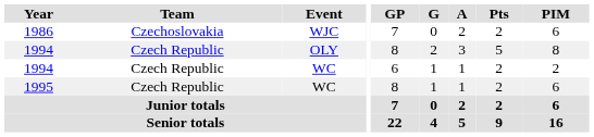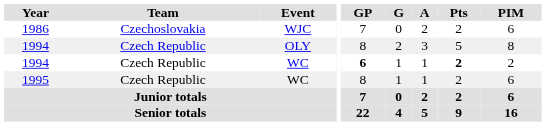 <table border="0" cellpadding="1" cellspacing="0" ID="Table3" style="text-align:center; width:40em">
 <tr bgcolor="#e0e0e0">
 <th>Year</th>
 <th>Team</th>
 <th>Event</th>
 <th rowspan="102" bgcolor="#ffffff"></th>
 <th>GP</th>
 <th>G</th>
 <th>A</th>
 <th>Pts</th>
 <th>PIM</th>
 </tr>
 <tr>
 <td><a href='#'>1986</a></td>
 <td><a href='#'>Czechoslovakia</a></td>
 <td><a href='#'>WJC</a></td>
 <td>7</td>
 <td>0</td>
 <td>2</td>
 <td>2</td>
 <td>6</td>
 </tr>
 <tr bgcolor="#f0f0f0">
 <td><a href='#'>1994</a></td>
 <td><a href='#'>Czech Republic</a></td>
 <td><a href='#'>OLY</a></td>
 <td>8</td>
 <td>2</td>
 <td>3</td>
 <td>5</td>
 <td>8</td>
 </tr>
 <tr>
 <td><a href='#'>1994</a></td>
 <td>Czech Republic</td>
 <td><a href='#'>WC</a></td>
-<td>6</td>
+<td><strong>6</strong></td>
 <td>1</td>
 <td>1</td>
-<td>2</td>
+<td><strong>2</strong></td>
 <td>2</td>
 </tr>
 <tr bgcolor="#f0f0f0">
 <td><a href='#'>1995</a></td>
 <td>Czech Republic</td>
 <td>WC</td>
 <td>8</td>
 <td>1</td>
 <td>1</td>
 <td>2</td>
 <td>6</td>
 </tr>
 <tr bgcolor="#e0e0e0">
 <th colspan=3>Junior totals</th>
 <th>7</th>
 <th>0</th>
 <th>2</th>
 <th>2</th>
 <th>6</th>
 </tr>
 <tr bgcolor="#e0e0e0">
 <th colspan=3>Senior totals</th>
 <th>22</th>
 <th>4</th>
 <th>5</th>
 <th>9</th>
 <th>16</th>
 </tr>
 </table>
